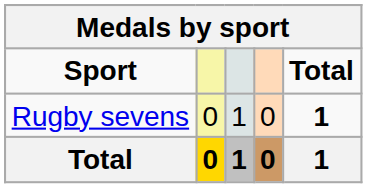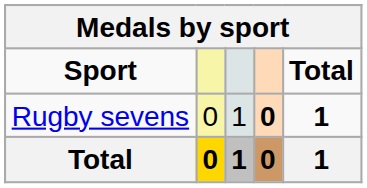 <table class="wikitable" style=font-size:85%;float:center;text-align:center>
 <tr style="background:#efefef;">
 <th colspan=5><strong>Medals by sport</strong></th>
 </tr>
 <tr align=center>
 <td><strong>Sport</strong></td>
 <td bgcolor=#f7f6a8></td>
 <td bgcolor=#dce5e5></td>
 <td bgcolor=#ffdab9></td>
 <td><strong>Total</strong></td>
 </tr>
 <tr align=center>
 <td><a href='#'>Rugby sevens</a></td>
 <td style="background:#F7F6A8;">0</td>
 <td style="background:#DCE5E5;">1</td>
-<td style="background:#FFDAB9;">0</td>
+<td style="background:#FFDAB9;"><strong>0</strong></td>
 <td><strong>1</strong></td>
 </tr>
 <tr align=center>
 <th><strong>Total</strong></th>
 <th style="background:gold;"><strong>0</strong></th>
 <th style="background:silver;"><strong>1</strong></th>
 <th style="background:#c96;"><strong>0</strong></th>
 <th><strong>1</strong></th>
 </tr>
 </table>
